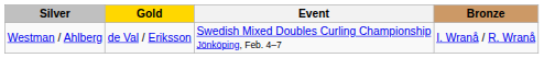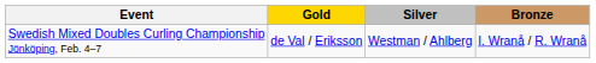 <table class="wikitable">
 <tr>
+<th>Event</th>
+<th style="background:gold">Gold</th>
 <th style="background:silver">Silver</th>
-<th style="background:gold">Gold</th>
-<th>Event</th>
 <th style="background:#cc9966">Bronze</th>
 </tr>
 <tr>
+<td><a href='#'>Swedish Mixed Doubles Curling Championship</a> <br> <small><a href='#'>Jönköping</a>, Feb. 4–7</small></td>
+<td> <a href='#'>de Val</a> /  <a href='#'>Eriksson</a></td>
 <td> <a href='#'>Westman</a> / <a href='#'>Ahlberg</a></td>
-<td> <a href='#'>de Val</a> /  <a href='#'>Eriksson</a></td>
-<td><a href='#'>Swedish Mixed Doubles Curling Championship</a> <br> <small><a href='#'>Jönköping</a>, Feb. 4–7</small></td>
 <td> <a href='#'>I. Wranå</a> /  <a href='#'>R. Wranå</a></td>
 </tr>
 </table>
